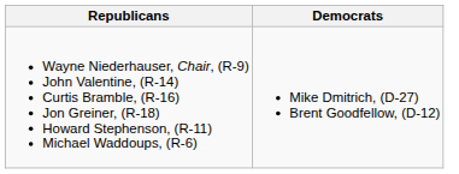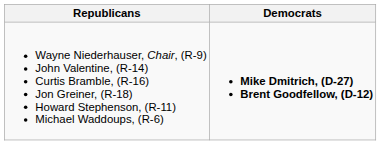 <table class=wikitable>
 <tr>
 <th>Republicans</th>
 <th>Democrats</th>
 </tr>
 <tr>
 <td><br><ul><li>Wayne Niederhauser, <em>Chair</em>, (R-9)</li><li>John Valentine, (R-14)</li><li>Curtis Bramble, (R-16)</li><li>Jon Greiner, (R-18)</li><li>Howard Stephenson, (R-11)</li><li>Michael Waddoups, (R-6)</li></ul></td>
-<td><br><ul><li>Mike Dmitrich, (D-27)</li><li>Brent Goodfellow, (D-12)</li></ul></td>
+<td><strong><br><ul><li>Mike Dmitrich, (D-27)</li><li>Brent Goodfellow, (D-12)</li></ul></strong></td>
 </tr>
 </table>
